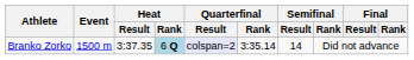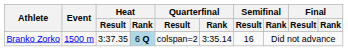 <table class="wikitable" style="font-size:90%">
 <tr>
 <th rowspan="2">Athlete</th>
 <th rowspan="2">Event</th>
 <th colspan="2">Heat</th>
 <th colspan="2">Quarterfinal</th>
 <th colspan="2">Semifinal</th>
 <th colspan="2">Final</th>
 </tr>
 <tr style="font-size:95%">
 <th>Result</th>
 <th>Rank</th>
 <th>Result</th>
 <th>Rank</th>
 <th>Result</th>
 <th>Rank</th>
 <th>Result</th>
 <th>Rank</th>
 </tr>
 <tr align=center>
 <td align=left><a href='#'>Branko Zorko</a></td>
 <td align=left><a href='#'>1500 m</a></td>
 <td>3:37.35</td>
 <td style="background: lightblue;">6 <strong>Q</strong></td>
-<td style="background: lavender;">colspan=2 </td>
+<td>colspan=2 </td>
 <td>3:35.14</td>
-<td>14</td>
+<td>16</td>
 <td colspan=4>Did not advance</td>
 </tr>
 </table>
